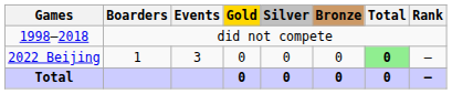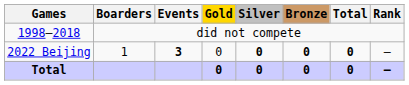 <table class="wikitable sortable collapsible collapsed">
 <tr>
 <th>Games</th>
 <th>Boarders</th>
 <th>Events</th>
 <th style="text-align:center; background-color:gold;">Gold</th>
 <th style="text-align:center; background-color:silver;">Silver</th>
 <th style="text-align:center; background-color:#c96;">Bronze</th>
 <th>Total</th>
 <th>Rank</th>
 </tr>
 <tr align=center>
 <td><a href='#'>1998</a>–<a href='#'>2018</a></td>
 <td colspan=7>did not compete</td>
 </tr>
 <tr align=center>
 <td><a href='#'>2022 Beijing</a></td>
 <td>1</td>
-<td>3</td>
+<td><strong>3</strong></td>
 <td>0</td>
-<td>0</td>
-<td>0</td>
-<td style="background: lightgreen;"><strong>0</strong></td>
+<td><strong>0</strong></td>
+<td><strong>0</strong></td>
+<td><strong>0</strong></td>
 <td>–</td>
 </tr>
 <tr style="text-align:center; background-color:#ccf;">
 <td><strong>Total</strong></td>
 <td></td>
 <td></td>
 <td><strong>0</strong></td>
 <td><strong>0</strong></td>
 <td><strong>0</strong></td>
 <td><strong>0</strong></td>
 <td><strong>–</strong></td>
 </tr>
 </table>
